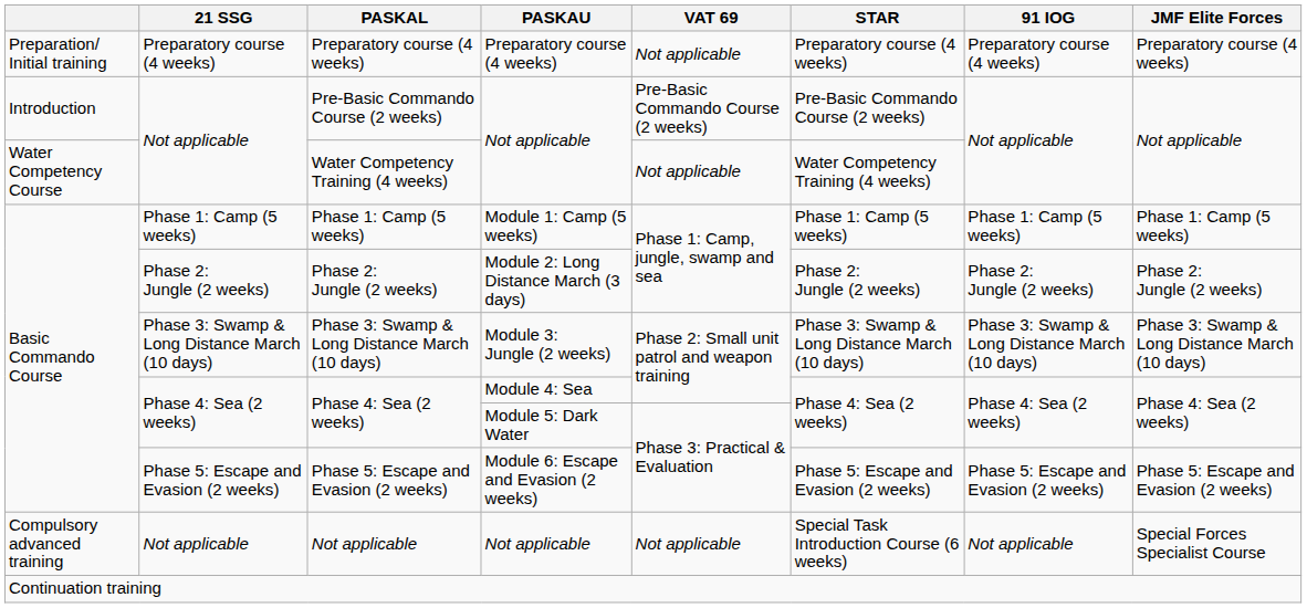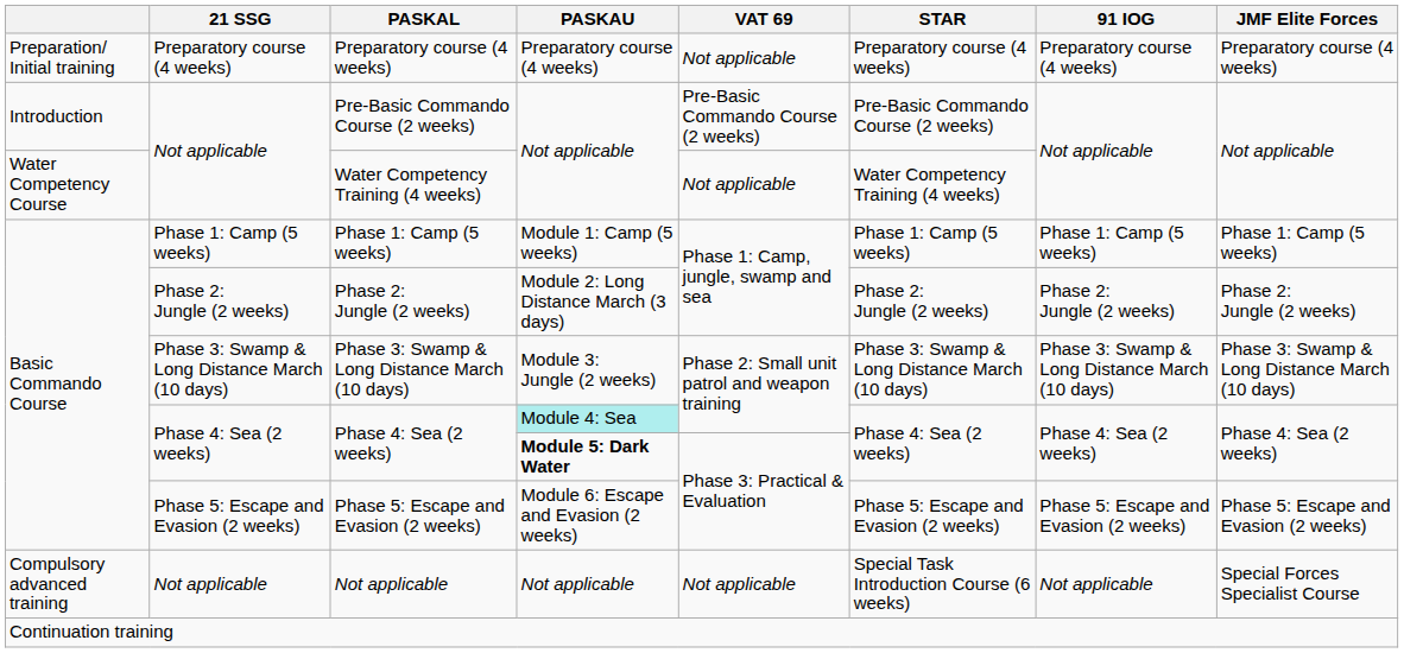 <table class="wikitable">
 <tr>
 <th></th>
 <th>21 SSG</th>
 <th>PASKAL</th>
 <th>PASKAU</th>
 <th>VAT 69</th>
 <th>STAR</th>
 <th>91 IOG</th>
 <th>JMF Elite Forces</th>
 </tr>
 <tr>
 <td>Preparation/<br>Initial training</td>
 <td>Preparatory course (4 weeks)</td>
 <td>Preparatory course (4 weeks)</td>
 <td>Preparatory course (4 weeks)</td>
 <td><em>Not applicable</em></td>
 <td>Preparatory course (4 weeks)</td>
 <td>Preparatory course (4 weeks)</td>
 <td>Preparatory course (4 weeks)</td>
 </tr>
 <tr>
 <td>Introduction</td>
 <td rowspan="2"><em>Not applicable</em></td>
 <td>Pre-Basic Commando Course (2 weeks)</td>
 <td rowspan="2"><em>Not applicable</em></td>
 <td>Pre-Basic Commando Course (2 weeks)</td>
 <td>Pre-Basic Commando Course (2 weeks)</td>
 <td rowspan="2"><em>Not applicable</em></td>
 <td rowspan="2"><em>Not applicable</em></td>
 </tr>
 <tr>
 <td>Water Competency Course</td>
 <td>Water Competency Training (4 weeks)</td>
 <td><em>Not applicable</em></td>
 <td>Water Competency Training (4 weeks)</td>
 </tr>
 <tr>
 <td rowspan="6">Basic Commando Course</td>
 <td>Phase 1: Camp (5 weeks)</td>
 <td>Phase 1: Camp (5 weeks)</td>
 <td>Module 1: Camp (5 weeks)</td>
 <td rowspan="2">Phase 1: Camp, jungle, swamp and sea</td>
 <td>Phase 1: Camp (5 weeks)</td>
 <td>Phase 1: Camp (5 weeks)</td>
 <td>Phase 1: Camp (5 weeks)</td>
 </tr>
 <tr>
 <td>Phase 2:<br>Jungle (2 weeks)</td>
 <td>Phase 2:<br>Jungle (2 weeks)</td>
 <td>Module 2: Long Distance March (3 days)</td>
 <td>Phase 2:<br>Jungle (2 weeks)</td>
 <td>Phase 2:<br>Jungle (2 weeks)</td>
 <td>Phase 2:<br>Jungle (2 weeks)</td>
 </tr>
 <tr>
 <td>Phase 3: Swamp & Long Distance March (10 days)</td>
 <td>Phase 3: Swamp & Long Distance March (10 days)</td>
 <td>Module 3:<br>Jungle (2 weeks)</td>
 <td rowspan="2">Phase 2: Small unit patrol and weapon training</td>
 <td>Phase 3: Swamp & Long Distance March (10 days)</td>
 <td>Phase 3: Swamp & Long Distance March (10 days)</td>
 <td>Phase 3: Swamp & Long Distance March (10 days)</td>
 </tr>
 <tr>
 <td rowspan="2">Phase 4: Sea (2 weeks)</td>
 <td rowspan="2">Phase 4: Sea (2 weeks)</td>
-<td>Module 4: Sea</td>
+<td style="background: paleturquoise;">Module 4: Sea</td>
 <td rowspan="2">Phase 4: Sea (2 weeks)</td>
 <td rowspan="2">Phase 4: Sea (2 weeks)</td>
 <td rowspan="2">Phase 4: Sea (2 weeks)</td>
 </tr>
 <tr>
-<td>Module 5: Dark Water</td>
+<td><strong>Module 5: Dark Water</strong></td>
 <td rowspan="2">Phase 3: Practical & Evaluation</td>
 </tr>
 <tr>
 <td>Phase 5: Escape and Evasion (2 weeks)</td>
 <td>Phase 5: Escape and Evasion (2 weeks)</td>
 <td>Module 6: Escape and Evasion (2 weeks)</td>
 <td>Phase 5: Escape and Evasion (2 weeks)</td>
 <td>Phase 5: Escape and Evasion (2 weeks)</td>
 <td>Phase 5: Escape and Evasion (2 weeks)</td>
 </tr>
 <tr>
 <td>Compulsory advanced training</td>
 <td><em>Not applicable</em></td>
 <td><em>Not applicable</em></td>
 <td><em>Not applicable</em></td>
 <td><em>Not applicable</em></td>
 <td>Special Task Introduction Course (6 weeks)</td>
 <td><em>Not applicable</em></td>
 <td>Special Forces Specialist Course</td>
 </tr>
 <tr>
 <td colspan="8">Continuation training</td>
 </tr>
 </table>
